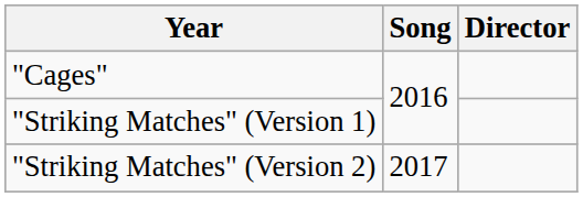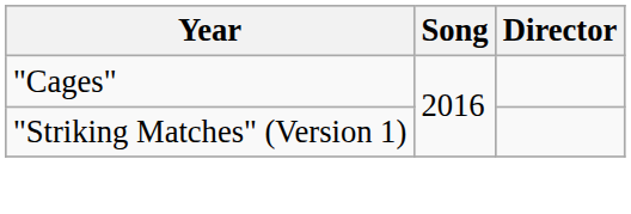 <table class="wikitable">
 <tr>
 <th>Year</th>
 <th>Song</th>
 <th>Director</th>
 </tr>
 <tr>
 <td>"Cages"</td>
 <td rowspan="2">2016</td>
 <td></td>
 </tr>
 <tr>
 <td>"Striking Matches" (Version 1)</td>
 <td></td>
 </tr>
-<tr>
-<td>"Striking Matches" (Version 2)</td>
-<td>2017</td>
-<td></td>
-</tr>
 </table>
